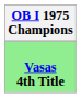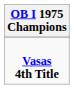 <table class="wikitable" style="text-align: center; margin: 0 auto;">
 <tr>
 <th><a href='#'>OB I</a> 1975<br>Champions</th>
 </tr>
 <tr>
 </tr>
 <tr>
-<td style="background: lightgreen;"> <br><strong><a href='#'>Vasas</a></strong><br><strong>4th Title</strong></td>
+<td> <br><strong><a href='#'>Vasas</a></strong><br><strong>4th Title</strong></td>
 </tr>
 </table>
